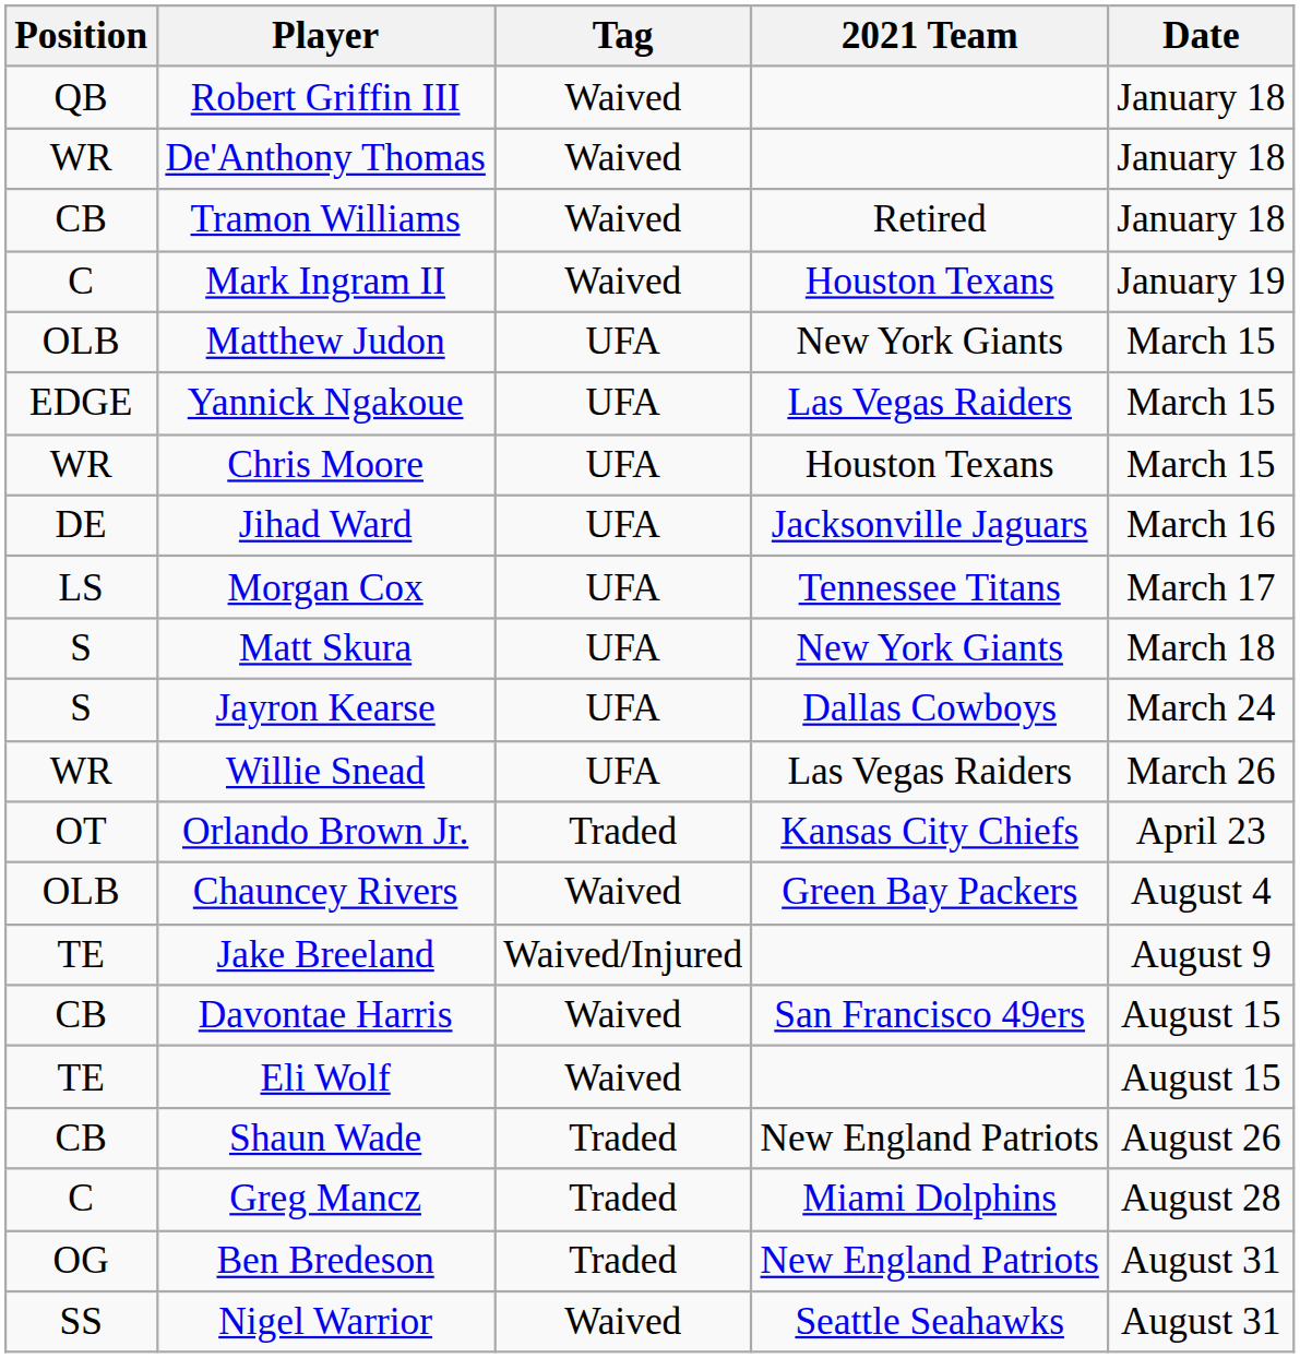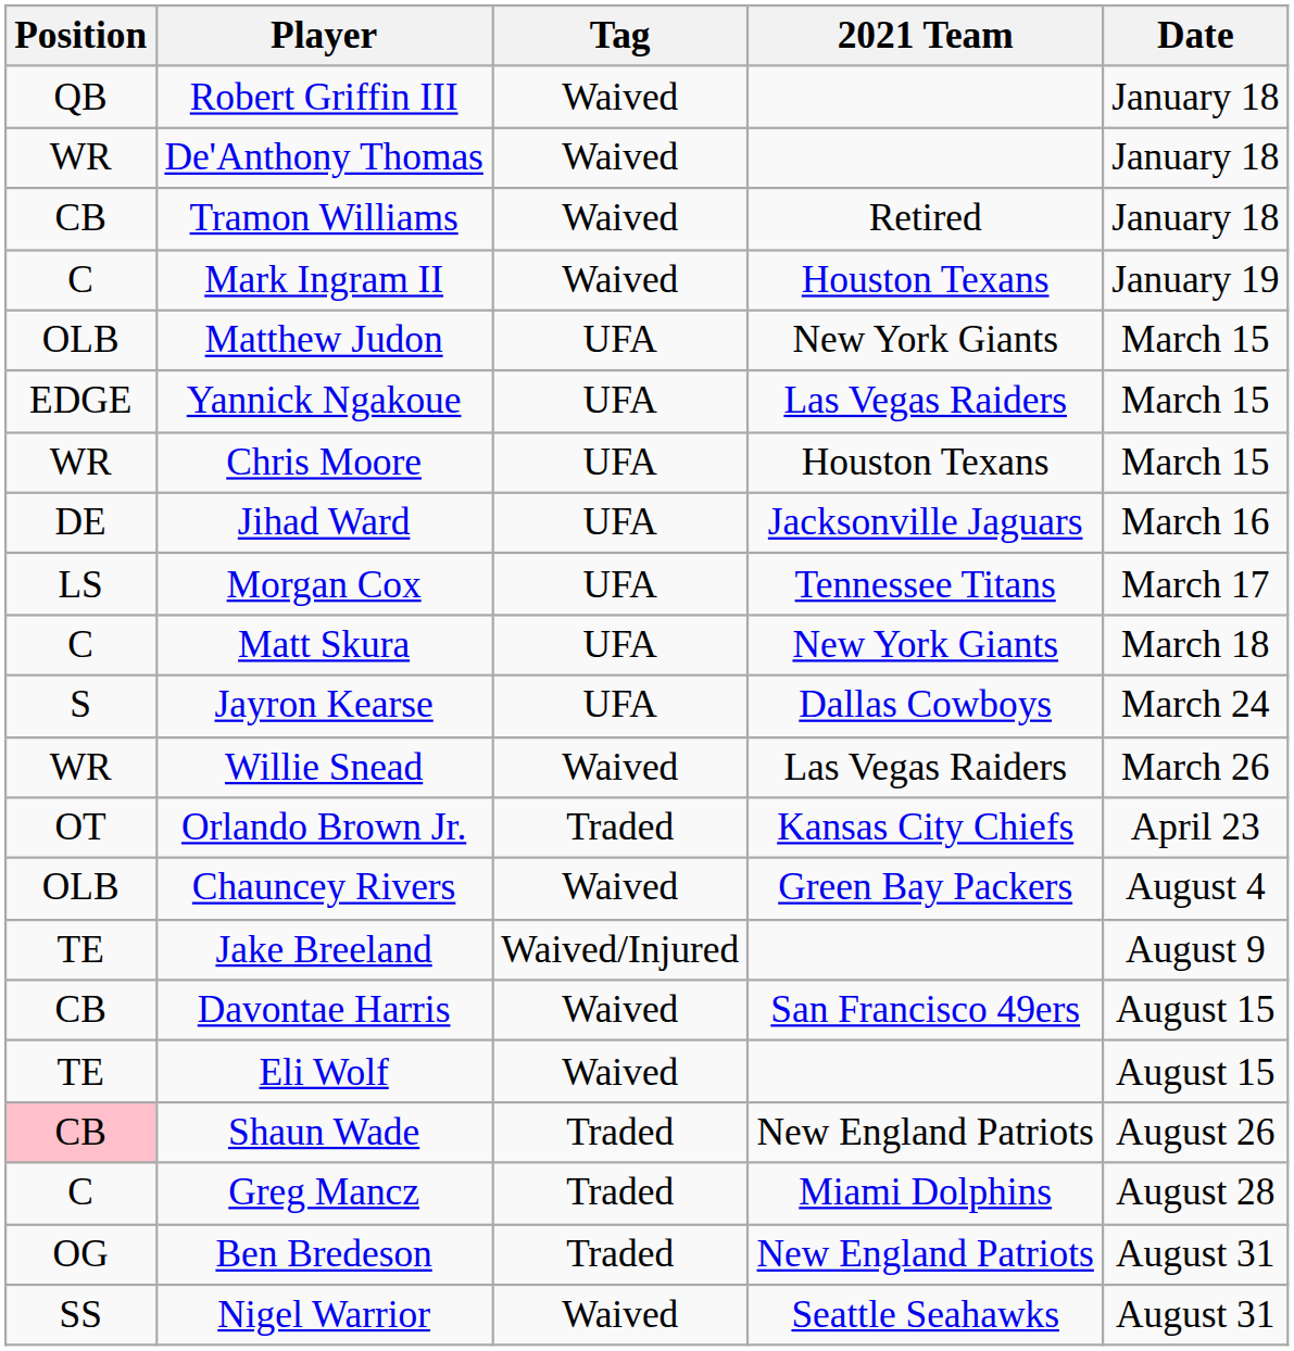 <table class="wikitable sortable" style="text-align:center">
 <tr>
 <th>Position</th>
 <th>Player</th>
 <th>Tag</th>
 <th>2021 Team</th>
 <th>Date</th>
 </tr>
 <tr>
 <td>QB</td>
 <td><a href='#'>Robert Griffin III</a></td>
 <td>Waived</td>
 <td></td>
 <td>January 18</td>
 </tr>
 <tr>
 <td>WR</td>
 <td><a href='#'>De'Anthony Thomas</a></td>
 <td>Waived</td>
 <td></td>
 <td>January 18</td>
 </tr>
 <tr>
 <td>CB</td>
 <td><a href='#'>Tramon Williams</a></td>
 <td>Waived</td>
 <td>Retired</td>
 <td>January 18</td>
 </tr>
 <tr>
 <td>C</td>
 <td><a href='#'>Mark Ingram II</a></td>
 <td>Waived</td>
 <td><a href='#'>Houston Texans</a></td>
 <td>January 19</td>
 </tr>
 <tr>
 <td>OLB</td>
 <td><a href='#'>Matthew Judon</a></td>
 <td>UFA</td>
 <td>New York Giants</td>
 <td>March 15</td>
 </tr>
 <tr>
 <td>EDGE</td>
 <td><a href='#'>Yannick Ngakoue</a></td>
 <td>UFA</td>
 <td><a href='#'>Las Vegas Raiders</a></td>
 <td>March 15</td>
 </tr>
 <tr>
 <td>WR</td>
 <td><a href='#'>Chris Moore</a></td>
 <td>UFA</td>
 <td>Houston Texans</td>
 <td>March 15</td>
 </tr>
 <tr>
 <td>DE</td>
 <td><a href='#'>Jihad Ward</a></td>
 <td>UFA</td>
 <td><a href='#'>Jacksonville Jaguars</a></td>
 <td>March 16</td>
 </tr>
 <tr>
 <td>LS</td>
 <td><a href='#'>Morgan Cox</a></td>
 <td>UFA</td>
 <td><a href='#'>Tennessee Titans</a></td>
 <td>March 17</td>
 </tr>
 <tr>
-<td>S</td>
+<td>C</td>
 <td><a href='#'>Matt Skura</a></td>
 <td>UFA</td>
 <td><a href='#'>New York Giants</a></td>
 <td>March 18</td>
 </tr>
 <tr>
 <td>S</td>
 <td><a href='#'>Jayron Kearse</a></td>
 <td>UFA</td>
 <td><a href='#'>Dallas Cowboys</a></td>
 <td>March 24</td>
 </tr>
 <tr>
 <td>WR</td>
 <td><a href='#'>Willie Snead</a></td>
-<td>UFA</td>
+<td>Waived</td>
 <td>Las Vegas Raiders</td>
 <td>March 26</td>
 </tr>
 <tr>
 <td>OT</td>
 <td><a href='#'>Orlando Brown Jr.</a></td>
 <td>Traded</td>
 <td><a href='#'>Kansas City Chiefs</a></td>
 <td>April 23</td>
 </tr>
 <tr>
 <td>OLB</td>
 <td><a href='#'>Chauncey Rivers</a></td>
 <td>Waived</td>
 <td><a href='#'>Green Bay Packers</a></td>
 <td>August 4</td>
 </tr>
 <tr>
 <td>TE</td>
 <td><a href='#'>Jake Breeland</a></td>
 <td>Waived/Injured</td>
 <td></td>
 <td>August 9</td>
 </tr>
 <tr>
 <td>CB</td>
 <td><a href='#'>Davontae Harris</a></td>
 <td>Waived</td>
 <td><a href='#'>San Francisco 49ers</a></td>
 <td>August 15</td>
 </tr>
 <tr>
 <td>TE</td>
 <td><a href='#'>Eli Wolf</a></td>
 <td>Waived</td>
 <td></td>
 <td>August 15</td>
 </tr>
 <tr>
-<td>CB</td>
+<td style="background: pink;">CB</td>
 <td><a href='#'>Shaun Wade</a></td>
 <td>Traded</td>
 <td>New England Patriots</td>
 <td>August 26</td>
 </tr>
 <tr>
 <td>C</td>
 <td><a href='#'>Greg Mancz</a></td>
 <td>Traded</td>
 <td><a href='#'>Miami Dolphins</a></td>
 <td>August 28</td>
 </tr>
 <tr>
 <td>OG</td>
 <td><a href='#'>Ben Bredeson</a></td>
 <td>Traded</td>
 <td><a href='#'>New England Patriots</a></td>
 <td>August 31</td>
 </tr>
 <tr>
 <td>SS</td>
 <td><a href='#'>Nigel Warrior</a></td>
 <td>Waived</td>
 <td><a href='#'>Seattle Seahawks</a></td>
 <td>August 31</td>
 </tr>
 </table>
